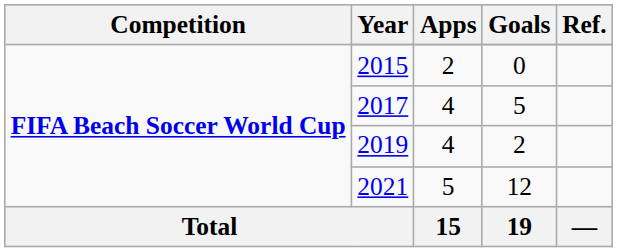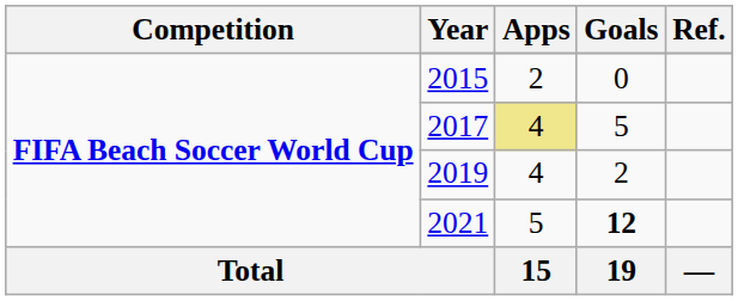 <table class="wikitable" style="text-align:center;">
 <tr>
 <th>Competition</th>
 <th>Year</th>
 <th>Apps</th>
 <th>Goals</th>
 <th>Ref.</th>
 </tr>
 <tr>
 <td rowspan="5"><strong><a href='#'>FIFA Beach Soccer World Cup</a></strong></td>
 </tr>
 <tr>
 <td> <a href='#'>2015</a></td>
 <td>2</td>
 <td>0</td>
 <td></td>
 </tr>
 <tr>
 <td> <a href='#'>2017</a></td>
-<td>4</td>
+<td style="background: khaki;">4</td>
 <td>5</td>
 <td></td>
 </tr>
 <tr>
 <td> <a href='#'>2019</a></td>
 <td>4</td>
 <td>2</td>
 <td></td>
 </tr>
 <tr>
 <td> <a href='#'>2021</a></td>
 <td>5</td>
-<td>12</td>
+<td><strong>12</strong></td>
 <td> </td>
 </tr>
 <tr>
 <th colspan=2>Total</th>
 <th>15</th>
 <th>19</th>
 <th>—</th>
 </tr>
 </table>
